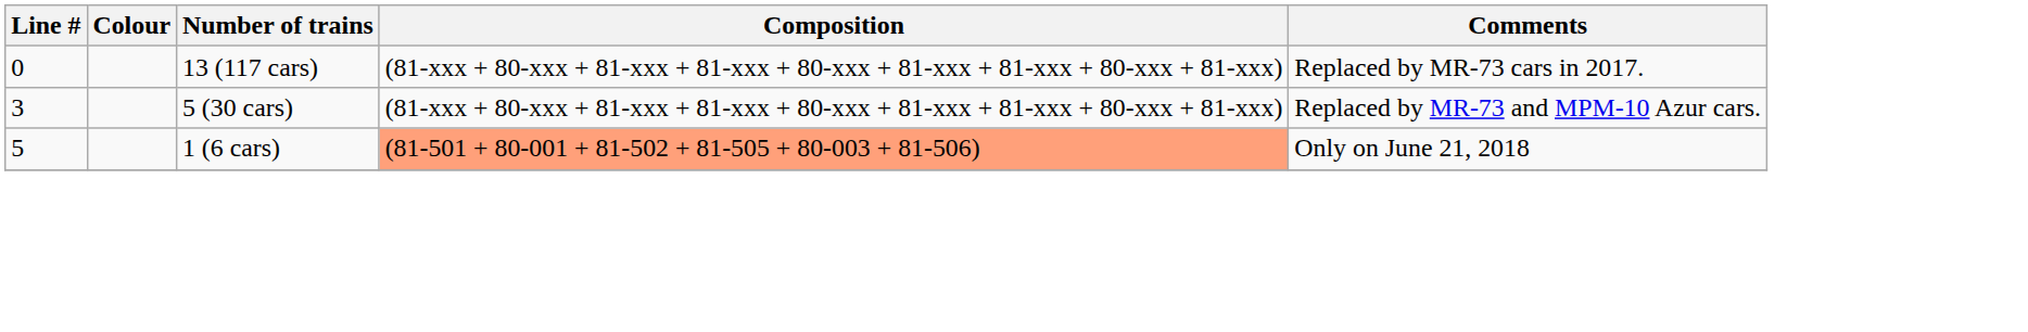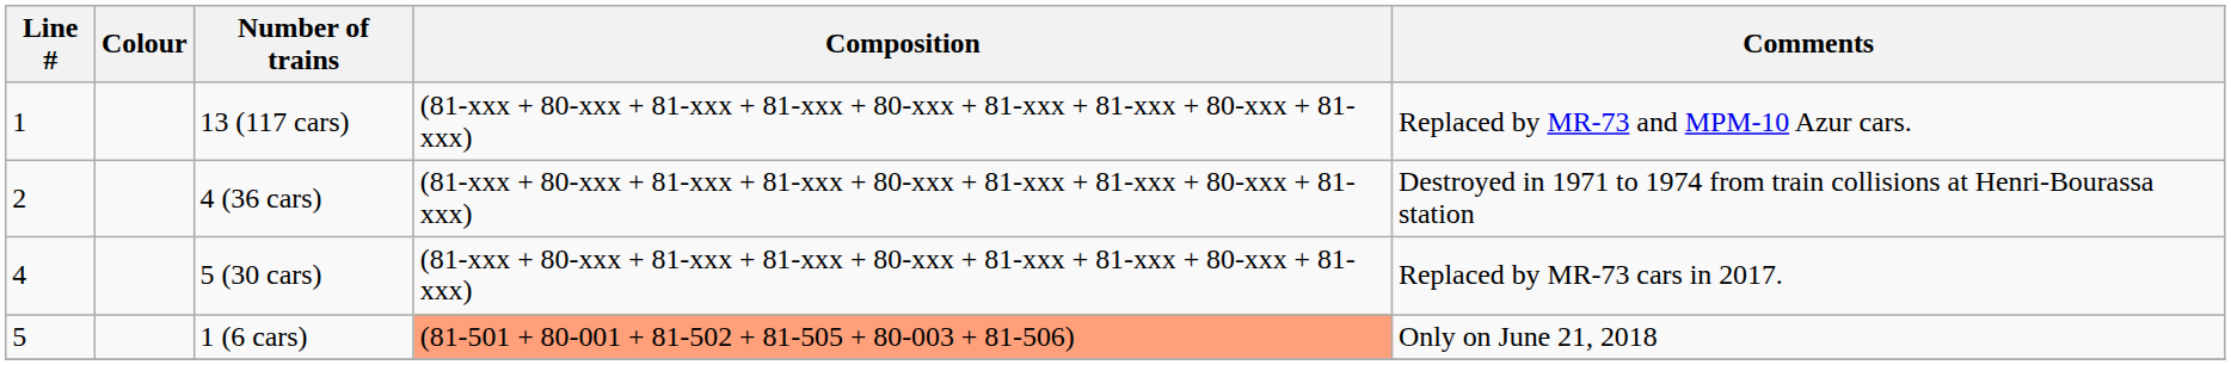 <table class="wikitable">
 <tr>
 <th>Line #</th>
 <th>Colour</th>
 <th>Number of trains</th>
 <th>Composition</th>
 <th>Comments</th>
 </tr>
 <tr>
-<td>0</td>
+<td>1</td>
 <td style="color: white; background-color: #"></td>
 <td>13 (117 cars)</td>
 <td>(81-xxx + 80-xxx + 81-xxx + 81-xxx + 80-xxx + 81-xxx + 81-xxx + 80-xxx + 81-xxx)</td>
-<td>Replaced by MR-73 cars in 2017.</td>
+<td>Replaced by <a href='#'>MR-73</a> and <a href='#'>MPM-10</a> Azur cars.</td>
 </tr>
 <tr>
-<td>3</td>
+<td>2</td>
+<td style="background: #"></td>
+<td>4 (36 cars)</td>
+<td>(81-xxx + 80-xxx + 81-xxx + 81-xxx + 80-xxx + 81-xxx + 81-xxx + 80-xxx + 81-xxx)</td>
+<td>Destroyed in 1971 to 1974 from train collisions at Henri-Bourassa station</td>
+</tr>
+<tr>
+<td>4</td>
 <td style="background: #"></td>
 <td>5 (30 cars)</td>
 <td>(81-xxx + 80-xxx + 81-xxx + 81-xxx + 80-xxx + 81-xxx + 81-xxx + 80-xxx + 81-xxx)</td>
-<td>Replaced by <a href='#'>MR-73</a> and <a href='#'>MPM-10</a> Azur cars.</td>
+<td>Replaced by MR-73 cars in 2017.</td>
 </tr>
 <tr>
 <td>5</td>
 <td style="background: #"></td>
 <td>1 (6 cars)</td>
 <td style="background: lightsalmon;">(81-501 + 80-001 + 81-502 + 81-505 + 80-003 + 81-506)</td>
 <td>Only on June 21, 2018</td>
 </tr>
 <tr>
 </tr>
 </table>
